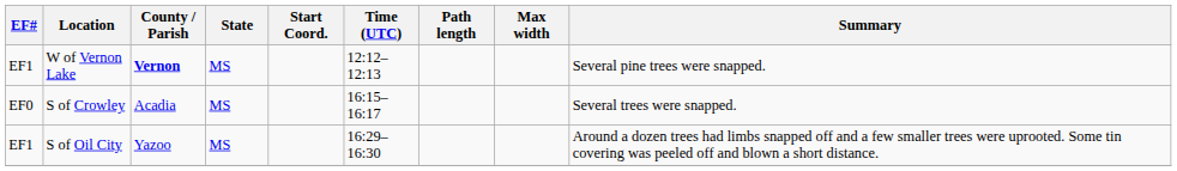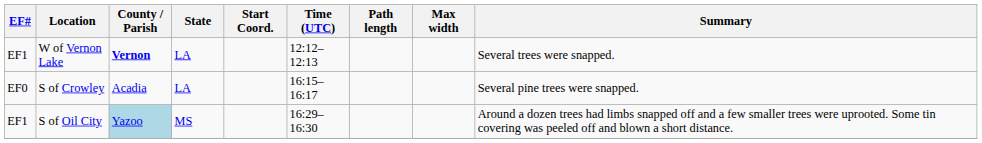 <table class="wikitable sortable" style="width:100%;">
 <tr>
 <th scope="col"  style="width:3%; text-align:center;"><a href='#'>EF#</a></th>
 <th scope="col"  style="width:7%; text-align:center;" class="unsortable">Location</th>
 <th scope="col"  style="width:6%; text-align:center;" class="unsortable">County / Parish</th>
 <th scope="col"  style="width:5%; text-align:center;">State</th>
 <th scope="col"  style="width:6%; text-align:center;">Start Coord.</th>
 <th scope="col"  style="width:6%; text-align:center;">Time (<a href='#'>UTC</a>)</th>
 <th scope="col"  style="width:6%; text-align:center;">Path length</th>
 <th scope="col"  style="width:6%; text-align:center;">Max width</th>
 <th scope="col" class="unsortable" style="width:48%; text-align:center;">Summary</th>
 </tr>
 <tr>
 <td>EF1</td>
 <td>W of <a href='#'>Vernon Lake</a></td>
 <td><strong><a href='#'>Vernon</a></strong></td>
-<td><a href='#'>MS</a></td>
+<td><a href='#'>LA</a></td>
 <td></td>
 <td>12:12–12:13</td>
+<td></td>
+<td></td>
+<td>Several trees were snapped.</td>
+</tr>
+<tr>
+<td>EF0</td>
+<td>S of <a href='#'>Crowley</a></td>
+<td><a href='#'>Acadia</a></td>
+<td><a href='#'>LA</a></td>
+<td></td>
+<td>16:15–16:17</td>
 <td></td>
 <td></td>
 <td>Several pine trees were snapped.</td>
 </tr>
 <tr>
-<td>EF0</td>
-<td>S of <a href='#'>Crowley</a></td>
-<td><a href='#'>Acadia</a></td>
-<td><a href='#'>MS</a></td>
-<td></td>
-<td>16:15–16:17</td>
-<td></td>
-<td></td>
-<td>Several trees were snapped.</td>
-</tr>
-<tr>
 <td>EF1</td>
 <td>S of <a href='#'>Oil City</a></td>
-<td><a href='#'>Yazoo</a></td>
+<td style="background: lightblue;"><a href='#'>Yazoo</a></td>
 <td><a href='#'>MS</a></td>
 <td></td>
 <td>16:29–16:30</td>
 <td></td>
 <td></td>
 <td>Around a dozen trees had limbs snapped off and a few smaller trees were uprooted. Some tin covering was peeled off and blown a short distance.</td>
 </tr>
 <tr>
 </tr>
 </table>
